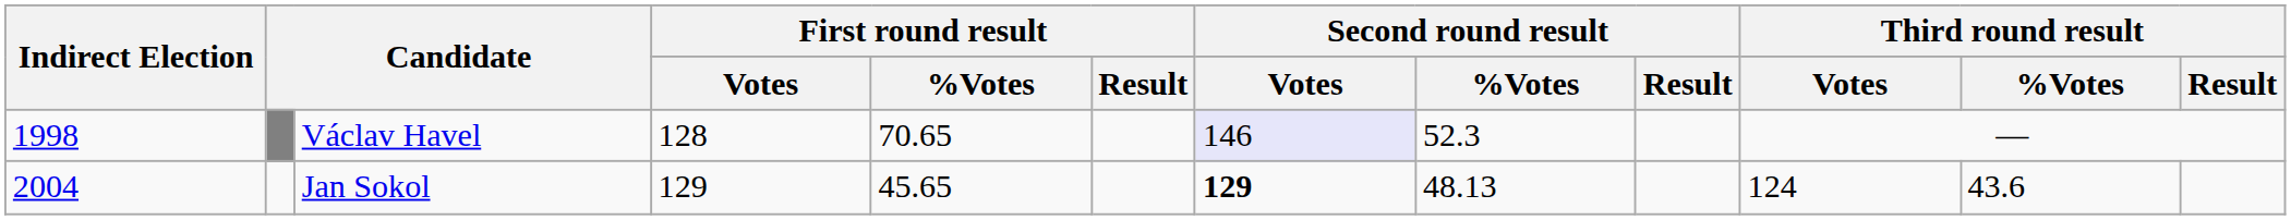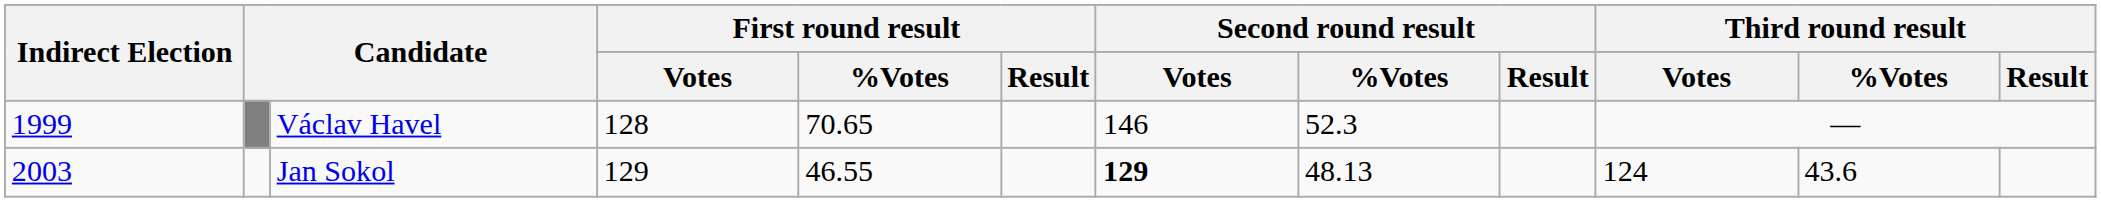 <table class="wikitable">
 <tr>
 <th width="120" rowspan="2">Indirect Election</th>
 <th width="180" rowspan="2" colspan=2>Candidate</th>
 <th width="200" colspan=3>First round result</th>
 <th width="200" colspan=3>Second round result</th>
 <th width="200" colspan=3>Third round result</th>
 </tr>
 <tr>
 <th width="100">Votes</th>
 <th width="100">%Votes</th>
 <th>Result</th>
 <th width="100">Votes</th>
 <th width="100">%Votes</th>
 <th>Result</th>
 <th width="100">Votes</th>
 <th width="100">%Votes</th>
 <th>Result</th>
 </tr>
 <tr>
-<td><a href='#'>1998</a></td>
+<td><a href='#'>1999</a></td>
 <td bgcolor="grey"></td>
 <td><a href='#'>Václav Havel</a></td>
 <td>128</td>
 <td>70.65</td>
 <td></td>
-<td style="background: lavender;">146</td>
+<td>146</td>
 <td>52.3</td>
 <td></td>
 <td colspan=3 align=center>—</td>
 </tr>
 <tr>
-<td><a href='#'>2004</a></td>
+<td><a href='#'>2003</a></td>
 <td style="background-color: "></td>
 <td><a href='#'>Jan Sokol</a></td>
 <td>129</td>
-<td>45.65</td>
+<td>46.55</td>
 <td></td>
 <td><strong>129</strong></td>
 <td>48.13</td>
 <td></td>
 <td>124</td>
 <td>43.6</td>
 <td></td>
 </tr>
 </table>
